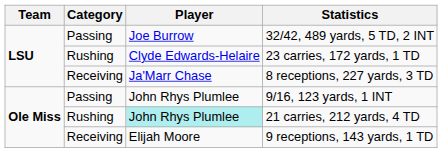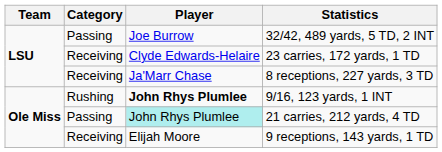 <table class="wikitable" style="float: right;">
 <tr>
 <th>Team</th>
 <th>Category</th>
 <th>Player</th>
 <th>Statistics</th>
 </tr>
 <tr>
 <td rowspan=3><strong>LSU</strong></td>
 <td>Passing</td>
 <td><a href='#'>Joe Burrow</a></td>
 <td>32/42, 489 yards, 5 TD, 2 INT</td>
 </tr>
 <tr>
-<td>Rushing</td>
+<td>Receiving</td>
 <td><a href='#'>Clyde Edwards-Helaire</a></td>
 <td>23 carries, 172 yards, 1 TD</td>
 </tr>
 <tr>
 <td>Receiving</td>
 <td><a href='#'>Ja'Marr Chase</a></td>
 <td>8 receptions, 227 yards, 3 TD</td>
 </tr>
 <tr>
 <td rowspan=3><strong>Ole Miss</strong></td>
-<td>Passing</td>
-<td>John Rhys Plumlee</td>
+<td>Rushing</td>
+<td><strong>John Rhys Plumlee</strong></td>
 <td>9/16, 123 yards, 1 INT</td>
 </tr>
 <tr>
-<td>Rushing</td>
+<td>Passing</td>
 <td style="background: paleturquoise;">John Rhys Plumlee</td>
 <td>21 carries, 212 yards, 4 TD</td>
 </tr>
 <tr>
 <td>Receiving</td>
 <td>Elijah Moore</td>
 <td>9 receptions, 143 yards, 1 TD</td>
 </tr>
 </table>
